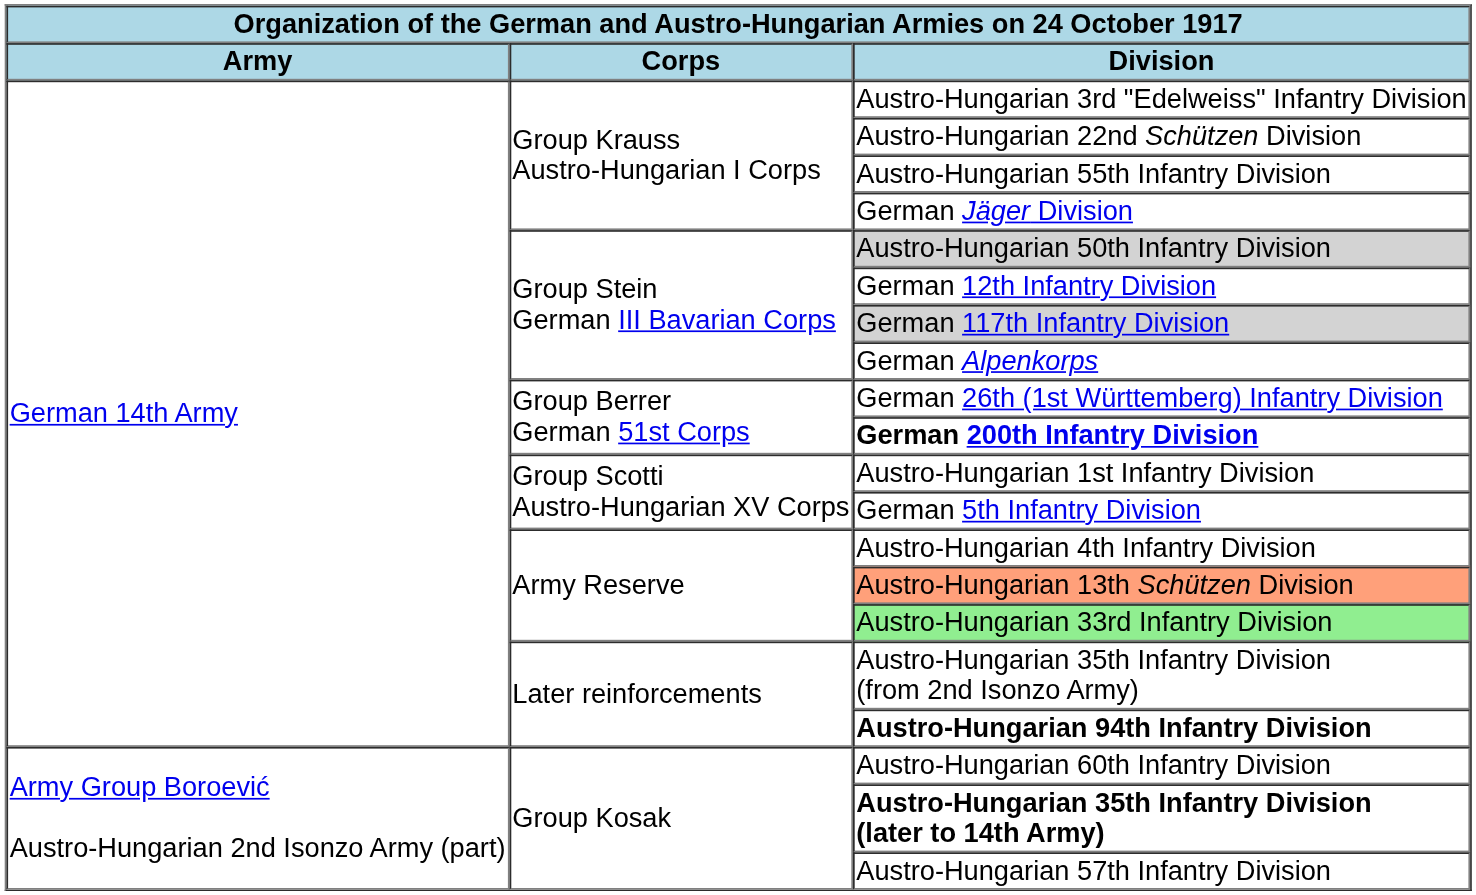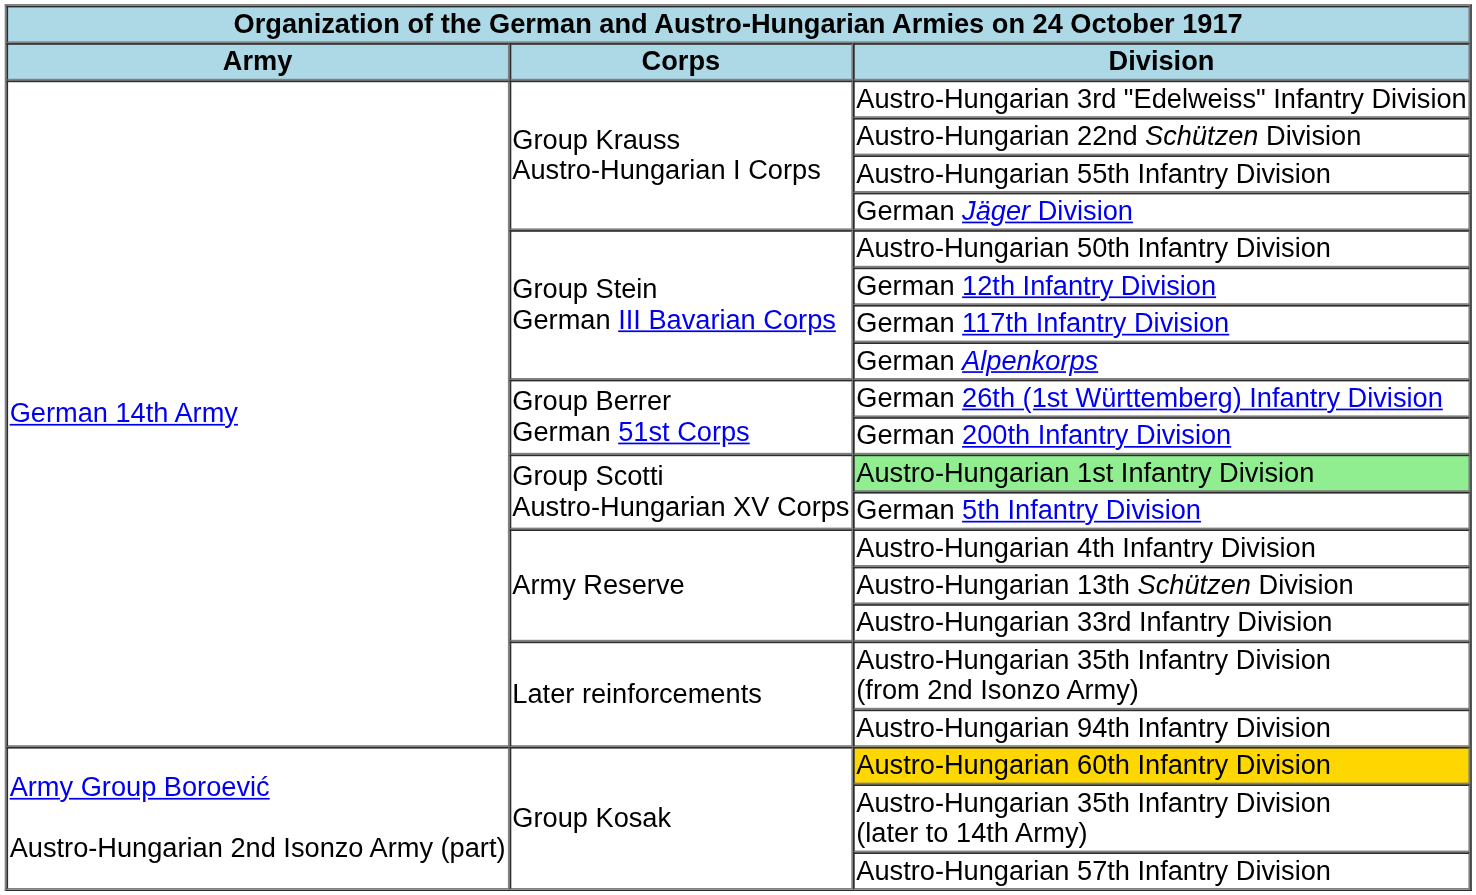 <table style="float: right;" border="1" cellpadding="1" cellspacing="0" style="font-size: 100%; border: gray solid 1px; border-collapse: collapse; text-align: center;">
 <tr style="background-color:lightblue; color:black;">
 <th colspan="3">Organization of the German and Austro-Hungarian Armies on 24 October 1917</th>
 </tr>
 <tr>
 </tr>
 <tr style="background-color:lightblue; color:black;">
 <th>Army</th>
 <th>Corps</th>
 <th>Division</th>
 </tr>
 <tr>
 <td ROWSPAN=17><a href='#'>German 14th Army</a></td>
 <td ROWSPAN=4>Group Krauss<br>Austro-Hungarian I Corps</td>
 <td>Austro-Hungarian 3rd "Edelweiss" Infantry Division</td>
 </tr>
 <tr>
 <td>Austro-Hungarian 22nd <em>Schützen</em> Division</td>
 </tr>
 <tr>
 <td>Austro-Hungarian 55th Infantry Division</td>
 </tr>
 <tr>
 <td>German <a href='#'><em>Jäger</em> Division</a></td>
 </tr>
 <tr>
 <td ROWSPAN=4>Group Stein<br>German <a href='#'>III Bavarian Corps</a></td>
-<td style="background: lightgrey;">Austro-Hungarian 50th Infantry Division</td>
+<td>Austro-Hungarian 50th Infantry Division</td>
 </tr>
 <tr>
 <td>German <a href='#'>12th Infantry Division</a></td>
 </tr>
 <tr>
-<td style="background: lightgrey;">German <a href='#'>117th Infantry Division</a></td>
+<td>German <a href='#'>117th Infantry Division</a></td>
 </tr>
 <tr>
 <td>German <a href='#'><em>Alpenkorps</em></a></td>
 </tr>
 <tr>
 <td ROWSPAN=2>Group Berrer<br>German <a href='#'>51st Corps</a></td>
 <td>German <a href='#'>26th (1st Württemberg) Infantry Division</a></td>
 </tr>
 <tr>
-<td><strong>German <a href='#'>200th Infantry Division</a></strong></td>
+<td>German <a href='#'>200th Infantry Division</a></td>
 </tr>
 <tr>
 <td ROWSPAN=2>Group Scotti<br>Austro-Hungarian XV Corps</td>
-<td>Austro-Hungarian 1st Infantry Division</td>
+<td style="background: lightgreen;">Austro-Hungarian 1st Infantry Division</td>
 </tr>
 <tr>
 <td>German <a href='#'>5th Infantry Division</a></td>
 </tr>
 <tr>
 <td ROWSPAN=3>Army Reserve</td>
 <td>Austro-Hungarian 4th Infantry Division</td>
 </tr>
 <tr>
-<td style="background: lightsalmon;">Austro-Hungarian 13th <em>Schützen</em> Division</td>
+<td>Austro-Hungarian 13th <em>Schützen</em> Division</td>
 </tr>
 <tr>
-<td style="background: lightgreen;">Austro-Hungarian 33rd Infantry Division</td>
+<td>Austro-Hungarian 33rd Infantry Division</td>
 </tr>
 <tr>
 <td ROWSPAN=2>Later reinforcements</td>
 <td>Austro-Hungarian 35th Infantry Division<br>(from 2nd Isonzo Army)</td>
 </tr>
 <tr>
-<td><strong>Austro-Hungarian 94th Infantry Division</strong></td>
+<td>Austro-Hungarian 94th Infantry Division</td>
 </tr>
 <tr>
 <td ROWSPAN=3><a href='#'>Army Group Boroević</a><br><br>Austro-Hungarian 2nd Isonzo Army (part)</td>
 <td ROWSPAN=3>Group Kosak</td>
-<td>Austro-Hungarian 60th Infantry Division</td>
+<td style="background: gold;">Austro-Hungarian 60th Infantry Division</td>
 </tr>
 <tr>
-<td><strong>Austro-Hungarian 35th Infantry Division<br>(later to 14th Army)</strong></td>
+<td>Austro-Hungarian 35th Infantry Division<br>(later to 14th Army)</td>
 </tr>
 <tr>
 <td>Austro-Hungarian 57th Infantry Division</td>
 </tr>
 </table>
